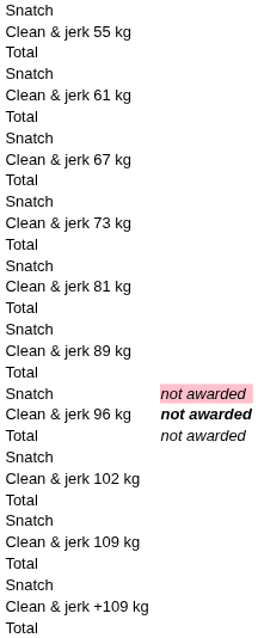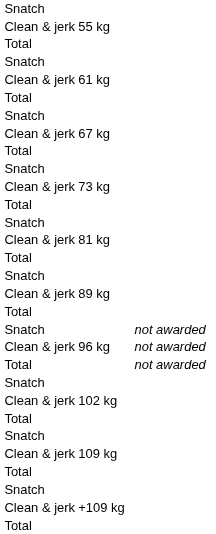 <table>
 <tr>
 <td>Snatch</td>
 <td rowspan=3>55 kg</td>
 <td></td>
 <td></td>
 <td nowrap></td>
 </tr>
 <tr>
 <td>Clean & jerk</td>
 <td></td>
 <td nowrap></td>
 <td></td>
 </tr>
 <tr>
 <td>Total</td>
 <td></td>
 <td></td>
 <td></td>
 </tr>
 <tr>
 <td>Snatch</td>
 <td rowspan=3>61 kg</td>
 <td></td>
 <td></td>
 <td></td>
 </tr>
 <tr>
 <td>Clean & jerk</td>
 <td></td>
 <td></td>
 <td></td>
 </tr>
 <tr>
 <td>Total</td>
 <td></td>
 <td></td>
 <td></td>
 </tr>
 <tr>
 <td>Snatch</td>
 <td rowspan=3>67 kg</td>
 <td></td>
 <td></td>
 <td></td>
 </tr>
 <tr>
 <td>Clean & jerk</td>
 <td></td>
 <td></td>
 <td></td>
 </tr>
 <tr>
 <td>Total</td>
 <td></td>
 <td></td>
 <td></td>
 </tr>
 <tr>
 <td>Snatch</td>
 <td rowspan=3>73 kg</td>
 <td nowrap></td>
 <td></td>
 <td></td>
 </tr>
 <tr>
 <td>Clean & jerk</td>
 <td></td>
 <td></td>
 <td></td>
 </tr>
 <tr>
 <td>Total</td>
 <td></td>
 <td></td>
 <td></td>
 </tr>
 <tr>
 <td>Snatch</td>
 <td rowspan=3>81 kg</td>
 <td></td>
 <td></td>
 <td></td>
 </tr>
 <tr>
 <td>Clean & jerk</td>
 <td></td>
 <td></td>
 <td></td>
 </tr>
 <tr>
 <td>Total</td>
 <td></td>
 <td></td>
 <td></td>
 </tr>
 <tr>
 <td>Snatch</td>
 <td rowspan=3>89 kg</td>
 <td></td>
 <td></td>
 <td></td>
 </tr>
 <tr>
 <td>Clean & jerk</td>
 <td></td>
 <td></td>
 <td></td>
 </tr>
 <tr>
 <td>Total</td>
 <td></td>
 <td></td>
 <td></td>
 </tr>
 <tr>
 <td>Snatch</td>
 <td rowspan=3>96 kg</td>
 <td></td>
 <td></td>
-<td style="background: pink;"><em>not awarded</em></td>
+<td><em>not awarded</em></td>
 </tr>
 <tr>
 <td>Clean & jerk</td>
 <td></td>
 <td></td>
-<td><strong><em>not awarded</em></strong></td>
+<td><em>not awarded</em></td>
 </tr>
 <tr>
 <td>Total</td>
 <td></td>
 <td></td>
 <td><em>not awarded</em></td>
 </tr>
 <tr>
 <td>Snatch</td>
 <td rowspan=3>102 kg</td>
 <td></td>
 <td></td>
 <td></td>
 </tr>
 <tr>
 <td>Clean & jerk</td>
 <td></td>
 <td></td>
 <td></td>
 </tr>
 <tr>
 <td>Total</td>
 <td></td>
 <td></td>
 <td></td>
 </tr>
 <tr>
 <td>Snatch</td>
 <td rowspan=3>109 kg</td>
 <td></td>
 <td></td>
 <td></td>
 </tr>
 <tr>
 <td>Clean & jerk</td>
 <td></td>
 <td></td>
 <td></td>
 </tr>
 <tr>
 <td>Total</td>
 <td></td>
 <td></td>
 <td></td>
 </tr>
 <tr>
 <td>Snatch</td>
 <td rowspan=3>+109 kg</td>
 <td></td>
 <td></td>
 <td></td>
 </tr>
 <tr>
 <td>Clean & jerk</td>
 <td></td>
 <td></td>
 <td></td>
 </tr>
 <tr>
 <td>Total</td>
 <td></td>
 <td></td>
 <td></td>
 </tr>
 </table>
